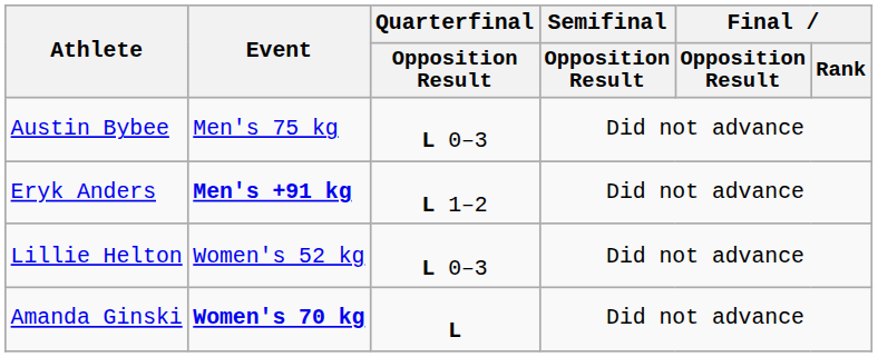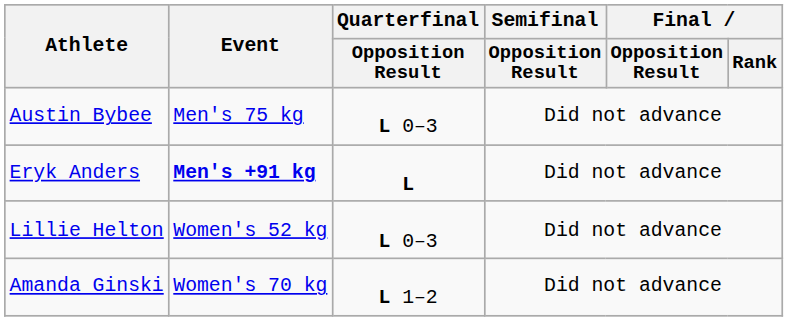 <table class=wikitable style=font-size:90%;text-align:center>
 <tr>
 <th rowspan=2>Athlete</th>
 <th rowspan=2>Event</th>
 <th>Quarterfinal</th>
 <th>Semifinal</th>
 <th colspan=2>Final / </th>
 </tr>
 <tr style=font-size:95%>
 <th>Opposition<br>Result</th>
 <th>Opposition<br>Result</th>
 <th>Opposition<br>Result</th>
 <th>Rank</th>
 </tr>
 <tr>
 <td align=left><a href='#'>Austin Bybee</a></td>
 <td align=left><a href='#'>Men's 75 kg</a></td>
 <td><br><strong>L</strong> 0–3</td>
 <td colspan=3>Did not advance</td>
 </tr>
 <tr>
 <td align=left><a href='#'>Eryk Anders</a></td>
 <td align=left><strong><a href='#'>Men's +91 kg</a></strong></td>
-<td><br><strong>L</strong> 1–2</td>
+<td><br><strong>L</strong> </td>
 <td colspan=3>Did not advance</td>
 </tr>
 <tr>
 <td align=left><a href='#'>Lillie Helton</a></td>
 <td align=left><a href='#'>Women's 52 kg</a></td>
 <td><br><strong>L</strong> 0–3</td>
 <td colspan=3>Did not advance</td>
 </tr>
 <tr>
 <td align=left><a href='#'>Amanda Ginski</a></td>
-<td align=left><strong><a href='#'>Women's 70 kg</a></strong></td>
-<td><br><strong>L</strong> </td>
+<td align=left><a href='#'>Women's 70 kg</a></td>
+<td><br><strong>L</strong> 1–2</td>
 <td colspan=3>Did not advance</td>
 </tr>
 </table>
